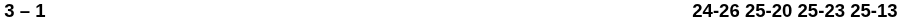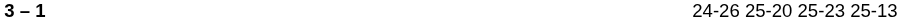 <table width=100% cellspacing=1>
 <tr>
 <th width=20%></th>
 <th width=12%></th>
 <th width=20%></th>
 <th width=33%></th>
 <td></td>
 </tr>
 <tr style=font-size:90%>
 <td align=right><strong></strong></td>
 <td align=center><strong>3 – 1</strong></td>
 <td></td>
-<td><strong>24-26 25-20 25-23 25-13</strong></td>
+<td>24-26 25-20 25-23 25-13</td>
 </tr>
 </table>
